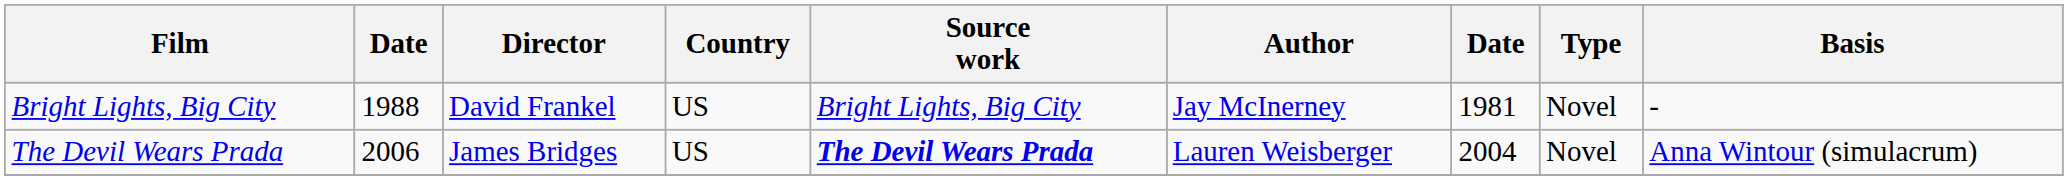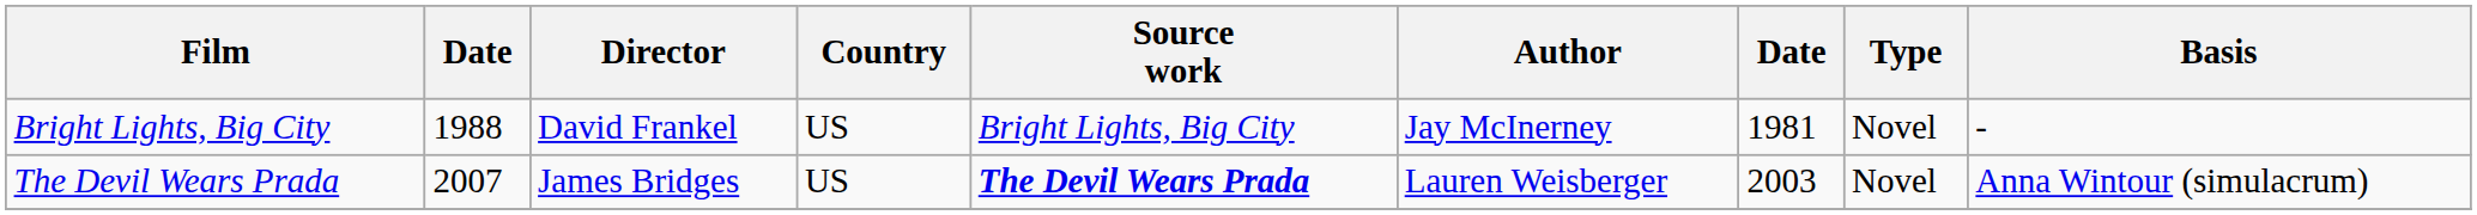 <table class="wikitable" style=width:90%>
 <tr bgcolor="#CCCCCC">
 <th>Film</th>
 <th>Date</th>
 <th>Director</th>
 <th>Country</th>
 <th>Source<br>work</th>
 <th>Author</th>
 <th>Date</th>
 <th>Type</th>
 <th>Basis</th>
 </tr>
 <tr>
 <td><em><a href='#'>Bright Lights, Big City</a></em></td>
 <td>1988</td>
 <td><a href='#'>David Frankel</a></td>
 <td>US</td>
 <td><em><a href='#'>Bright Lights, Big City</a></em></td>
 <td><a href='#'>Jay McInerney</a></td>
 <td>1981</td>
 <td>Novel</td>
 <td>-</td>
 </tr>
 <tr>
 <td><em><a href='#'>The Devil Wears Prada</a></em></td>
-<td>2006</td>
+<td>2007</td>
 <td><a href='#'>James Bridges</a></td>
 <td>US</td>
 <td><strong><em><a href='#'>The Devil Wears Prada</a></em></strong></td>
 <td><a href='#'>Lauren Weisberger</a></td>
-<td>2004</td>
+<td>2003</td>
 <td>Novel</td>
 <td><a href='#'>Anna Wintour</a> (simulacrum)</td>
 </tr>
 <tr>
 </tr>
 </table>
